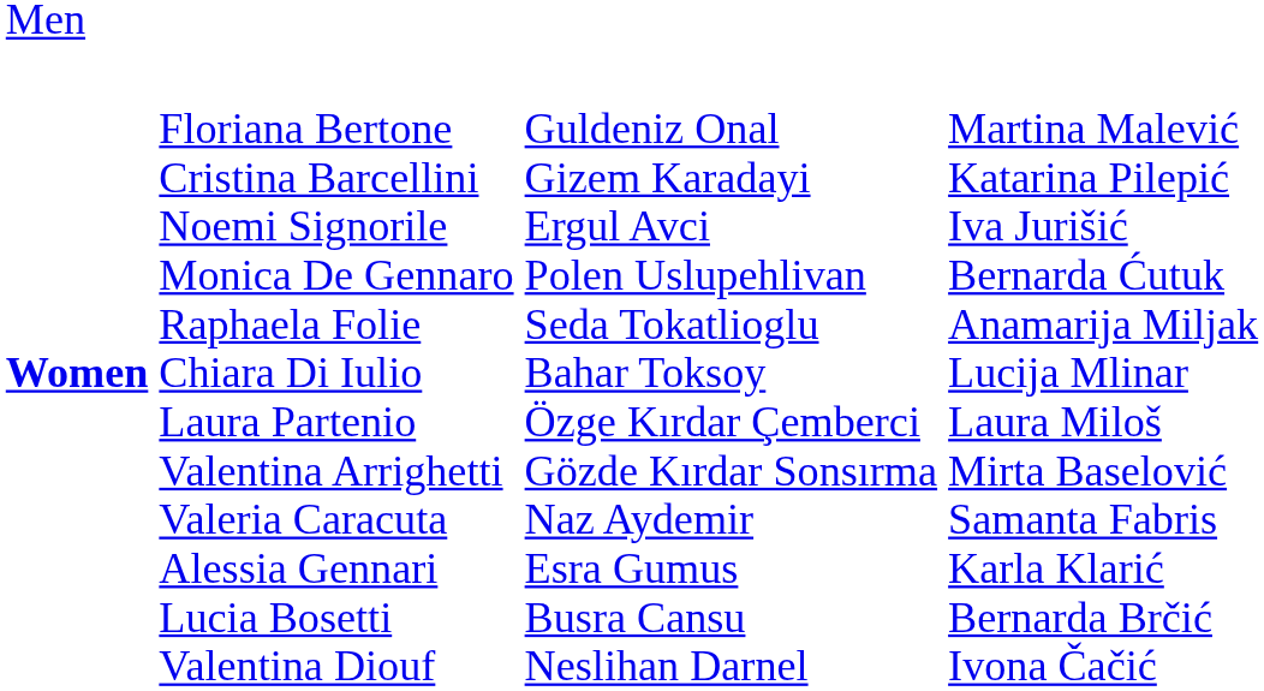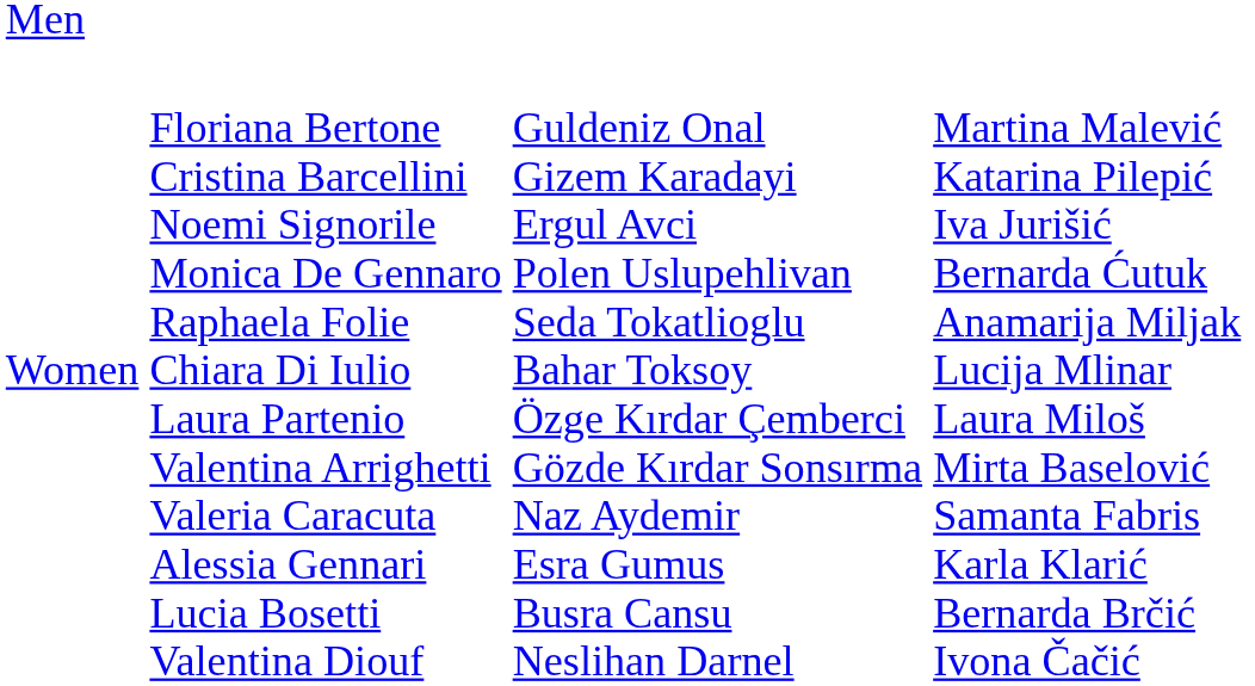 <table>
 <tr>
 <td><a href='#'>Men</a></td>
 <td></td>
 <td></td>
 <td></td>
 </tr>
 <tr>
-<td><strong><a href='#'>Women</a></strong></td>
+<td><a href='#'>Women</a></td>
 <td><br><a href='#'>Floriana Bertone</a><br><a href='#'>Cristina Barcellini</a><br><a href='#'>Noemi Signorile</a><br><a href='#'>Monica De Gennaro</a><br><a href='#'>Raphaela Folie</a><br><a href='#'>Chiara Di Iulio</a><br><a href='#'>Laura Partenio</a><br><a href='#'>Valentina Arrighetti</a><br><a href='#'>Valeria Caracuta</a><br><a href='#'>Alessia Gennari</a><br><a href='#'>Lucia Bosetti</a><br><a href='#'>Valentina Diouf</a></td>
 <td><br><a href='#'>Guldeniz Onal</a><br><a href='#'>Gizem Karadayi</a><br><a href='#'>Ergul Avci</a><br><a href='#'>Polen Uslupehlivan</a><br><a href='#'>Seda Tokatlioglu</a><br><a href='#'>Bahar Toksoy</a><br><a href='#'>Özge Kırdar Çemberci</a><br><a href='#'>Gözde Kırdar Sonsırma</a><br><a href='#'>Naz Aydemir</a><br><a href='#'>Esra Gumus</a><br><a href='#'>Busra Cansu</a><br><a href='#'>Neslihan Darnel</a></td>
 <td><br><a href='#'>Martina Malević</a><br><a href='#'>Katarina Pilepić</a><br><a href='#'>Iva Jurišić</a><br><a href='#'>Bernarda Ćutuk</a><br><a href='#'>Anamarija Miljak</a><br><a href='#'>Lucija Mlinar</a><br><a href='#'>Laura Miloš</a><br><a href='#'>Mirta Baselović</a><br><a href='#'>Samanta Fabris</a><br><a href='#'>Karla Klarić</a><br><a href='#'>Bernarda Brčić</a><br><a href='#'>Ivona Čačić</a></td>
 </tr>
 </table>
